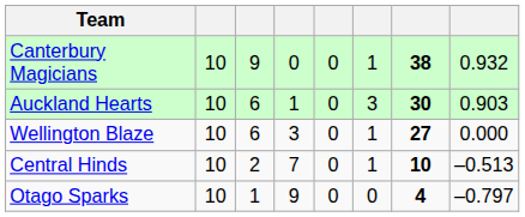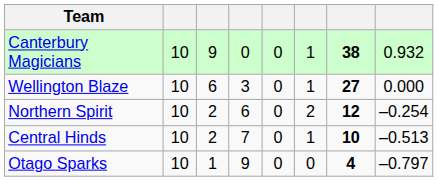 <table class="wikitable" style="text-align:center">
 <tr>
 <th width="150">Team</th>
 <th width="25"></th>
 <th width="25"></th>
 <th width="25"></th>
 <th width="25"></th>
 <th width="25"></th>
 <th width="40"></th>
 <th width="50"></th>
 </tr>
 <tr style="background:#cfc">
 <td style="text-align:left"><a href='#'>Canterbury Magicians</a></td>
 <td>10</td>
 <td>9</td>
 <td>0</td>
 <td>0</td>
 <td>1</td>
 <td><strong>38</strong></td>
 <td>0.932</td>
 </tr>
-<tr style="background:#cfc">
-<td style="text-align:left"><a href='#'>Auckland Hearts</a></td>
-<td>10</td>
-<td>6</td>
-<td>1</td>
-<td>0</td>
-<td>3</td>
-<td><strong>30</strong></td>
-<td>0.903</td>
-</tr>
 <tr>
 <td style="text-align:left"><a href='#'>Wellington Blaze</a></td>
 <td>10</td>
 <td>6</td>
 <td>3</td>
 <td>0</td>
 <td>1</td>
 <td><strong>27</strong></td>
 <td>0.000</td>
+</tr>
+<tr>
+<td style="text-align:left"><a href='#'>Northern Spirit</a></td>
+<td>10</td>
+<td>2</td>
+<td>6</td>
+<td>0</td>
+<td>2</td>
+<td><strong>12</strong></td>
+<td>–0.254</td>
 </tr>
 <tr>
 <td style="text-align:left"><a href='#'>Central Hinds</a></td>
 <td>10</td>
 <td>2</td>
 <td>7</td>
 <td>0</td>
 <td>1</td>
 <td><strong>10</strong></td>
 <td>–0.513</td>
 </tr>
 <tr>
 <td style="text-align:left"><a href='#'>Otago Sparks</a></td>
 <td>10</td>
 <td>1</td>
 <td>9</td>
 <td>0</td>
 <td>0</td>
 <td><strong>4</strong></td>
 <td>–0.797</td>
 </tr>
 </table>
